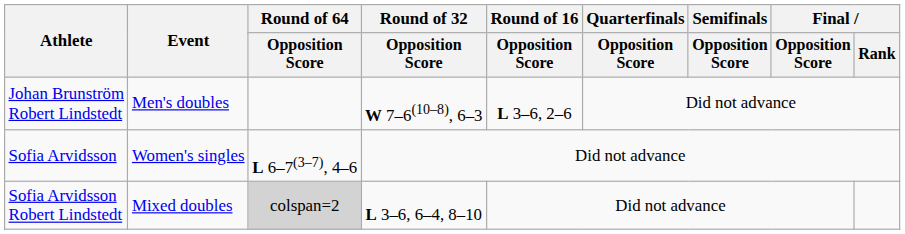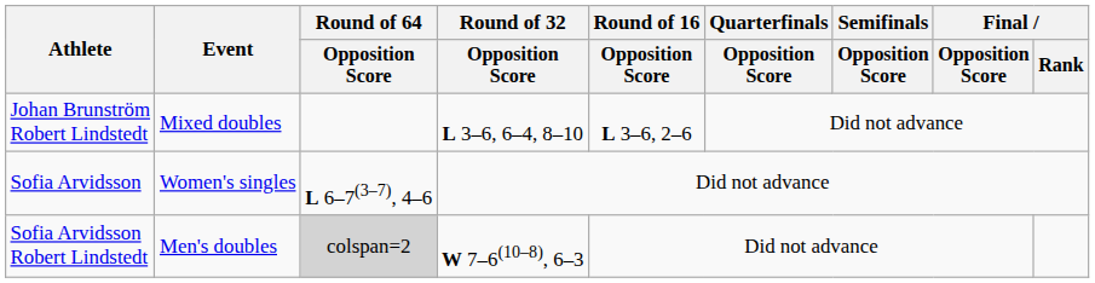 <table class=wikitable style="font-size:90%">
 <tr>
 <th rowspan="2">Athlete</th>
 <th rowspan="2">Event</th>
 <th>Round of 64</th>
 <th>Round of 32</th>
 <th>Round of 16</th>
 <th>Quarterfinals</th>
 <th>Semifinals</th>
 <th colspan=2>Final / </th>
 </tr>
 <tr style="font-size:95%">
 <th>Opposition<br>Score</th>
 <th>Opposition<br>Score</th>
 <th>Opposition<br>Score</th>
 <th>Opposition<br>Score</th>
 <th>Opposition<br>Score</th>
 <th>Opposition<br>Score</th>
 <th>Rank</th>
 </tr>
 <tr align=center>
 <td align=left><a href='#'>Johan Brunström</a><br><a href='#'>Robert Lindstedt</a></td>
-<td align=left><a href='#'>Men's doubles</a></td>
+<td align=left><a href='#'>Mixed doubles</a></td>
 <td></td>
-<td><br><strong>W</strong> 7–6<sup>(10–8)</sup>, 6–3</td>
+<td><br><strong>L</strong> 3–6, 6–4, 8–10</td>
 <td><br><strong>L</strong> 3–6, 2–6</td>
 <td colspan=4>Did not advance</td>
 </tr>
 <tr align=center>
 <td align=left><a href='#'>Sofia Arvidsson</a></td>
 <td align=left><a href='#'>Women's singles</a></td>
 <td><br><strong>L</strong> 6–7<sup>(3–7)</sup>, 4–6</td>
 <td colspan=6>Did not advance</td>
 </tr>
 <tr align=center>
 <td align=left><a href='#'>Sofia Arvidsson</a><br><a href='#'>Robert Lindstedt</a></td>
-<td align=left><a href='#'>Mixed doubles</a></td>
+<td align=left><a href='#'>Men's doubles</a></td>
 <td style="background: lightgrey;">colspan=2 </td>
-<td><br><strong>L</strong> 3–6, 6–4, 8–10</td>
+<td><br><strong>W</strong> 7–6<sup>(10–8)</sup>, 6–3</td>
 <td colspan=4>Did not advance</td>
 </tr>
 </table>
